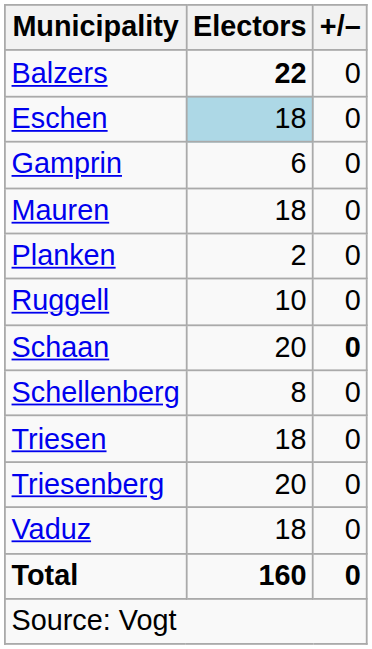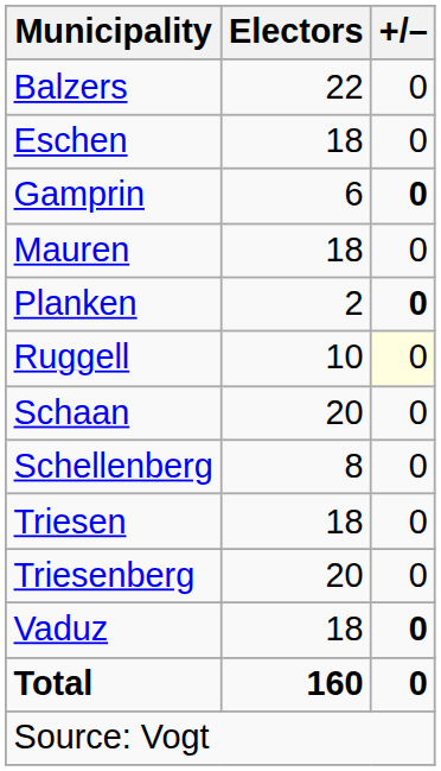 <table class="wikitable">
 <tr>
 <th>Municipality</th>
 <th>Electors</th>
 <th>+/–</th>
 </tr>
 <tr>
 <td><a href='#'>Balzers</a></td>
-<td style="text-align: right;"><strong>22</strong></td>
+<td style="text-align: right;">22</td>
 <td align="right">0</td>
 </tr>
 <tr>
 <td><a href='#'>Eschen</a></td>
-<td style="background: lightblue; text-align: right;">18</td>
+<td style="text-align: right;">18</td>
 <td align="right">0</td>
 </tr>
 <tr>
 <td><a href='#'>Gamprin</a></td>
 <td style="text-align: right;">6</td>
-<td align="right">0</td>
+<td align="right"><strong>0</strong></td>
 </tr>
 <tr>
 <td><a href='#'>Mauren</a></td>
 <td style="text-align: right;">18</td>
 <td align="right">0</td>
 </tr>
 <tr>
 <td><a href='#'>Planken</a></td>
 <td style="text-align: right;">2</td>
-<td align="right">0</td>
+<td align="right"><strong>0</strong></td>
 </tr>
 <tr>
 <td><a href='#'>Ruggell</a></td>
 <td style="text-align: right;">10</td>
-<td align="right">0</td>
+<td align="right" style="background: lightyellow;">0</td>
 </tr>
 <tr>
 <td><a href='#'>Schaan</a></td>
 <td style="text-align: right;">20</td>
-<td align="right"><strong>0</strong></td>
+<td align="right">0</td>
 </tr>
 <tr>
 <td><a href='#'>Schellenberg</a></td>
 <td style="text-align: right;">8</td>
 <td align="right">0</td>
 </tr>
 <tr>
 <td><a href='#'>Triesen</a></td>
 <td style="text-align: right;">18</td>
 <td align="right">0</td>
 </tr>
 <tr>
 <td><a href='#'>Triesenberg</a></td>
 <td style="text-align: right;">20</td>
 <td align="right">0</td>
 </tr>
 <tr>
 <td><a href='#'>Vaduz</a></td>
 <td style="text-align: right;">18</td>
-<td align="right">0</td>
+<td align="right"><strong>0</strong></td>
 </tr>
 <tr>
 <td><strong>Total</strong></td>
 <td align="right"><strong>160</strong></td>
 <td align="right"><strong>0</strong></td>
 </tr>
 <tr>
 <td colspan="3">Source: Vogt</td>
 </tr>
 </table>
